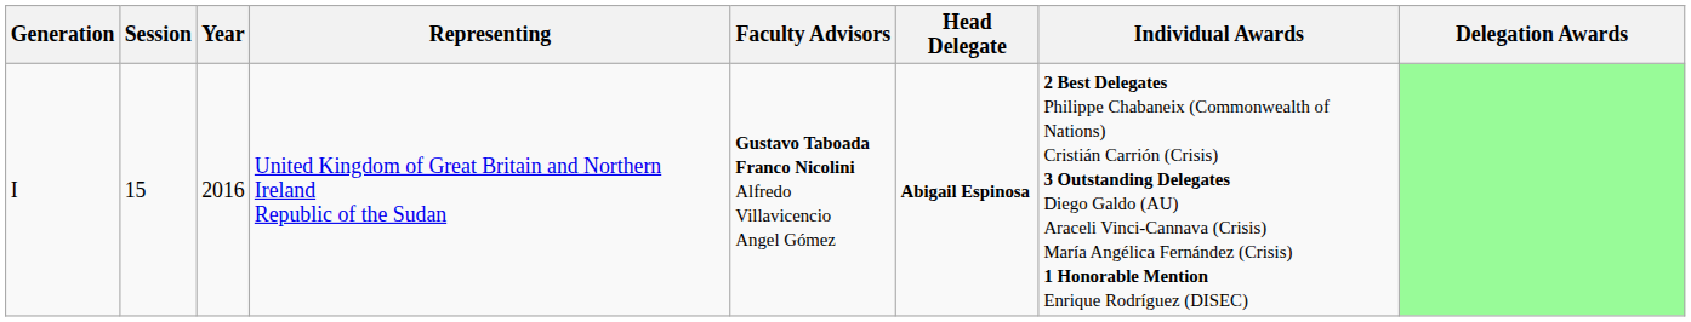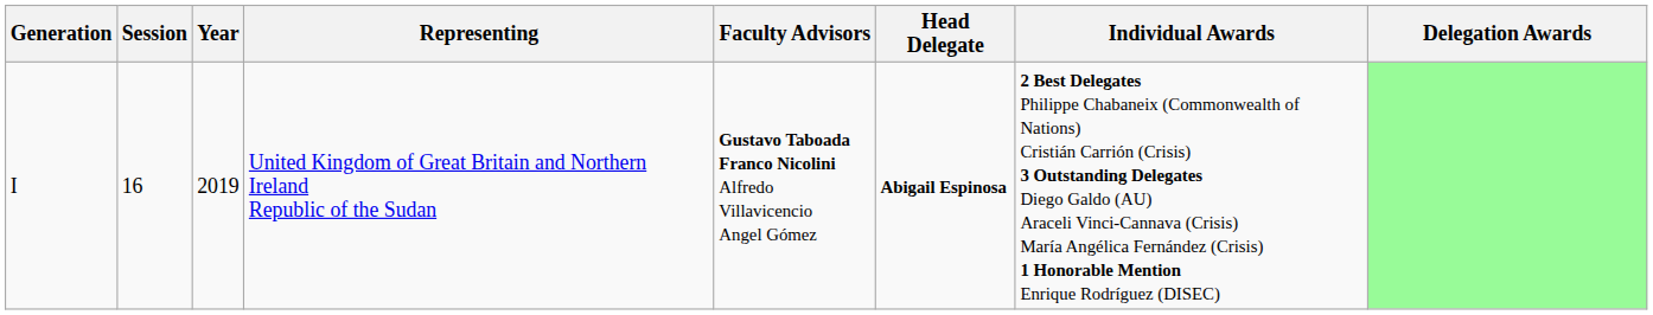 <table class="wikitable">
 <tr>
 <th>Generation</th>
 <th>Session</th>
 <th>Year</th>
 <th>Representing</th>
 <th>Faculty Advisors</th>
 <th>Head Delegate</th>
 <th>Individual Awards</th>
 <th>Delegation Awards</th>
 </tr>
 <tr>
 <td>I</td>
-<td>15</td>
-<td>2016</td>
+<td>16</td>
+<td>2019</td>
 <td> <a href='#'>United Kingdom of Great Britain and Northern Ireland</a><br> <a href='#'>Republic of the Sudan</a></td>
 <td><small><strong>Gustavo Taboada</strong><br><strong>Franco Nicolini</strong><br>Alfredo Villavicencio<br>Angel Gómez</small></td>
 <td><strong><small>Abigail Espinosa</small></strong></td>
 <td><small><strong>2 Best Delegates</strong><br>Philippe Chabaneix (Commonwealth of Nations)<br>Cristián Carrión (Crisis)<br><strong>3 Outstanding Delegates</strong><br>Diego Galdo (AU)<br>Araceli Vinci-Cannava (Crisis)<br>María Angélica Fernández (Crisis)<br><strong>1 Honorable Mention</strong><br>Enrique Rodríguez (DISEC)</small></td>
 <td width="17%" bgcolor="98FB98"></td>
 </tr>
 </table>
